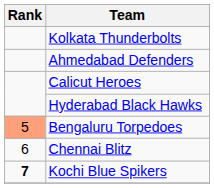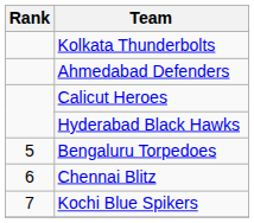 <table class="wikitable" style="white-space: nowrap;">
 <tr>
 <th width=20%>Rank</th>
 <th>Team</th>
 </tr>
 <tr>
 <td style="text-align:center;"></td>
 <td><a href='#'>Kolkata Thunderbolts</a></td>
 </tr>
 <tr>
 <td style="text-align:center;"></td>
 <td><a href='#'>Ahmedabad Defenders</a></td>
 </tr>
 <tr>
 <td rowspan=2 style="text-align:center;"></td>
 <td><a href='#'>Calicut Heroes</a></td>
 </tr>
 <tr>
 <td><a href='#'>Hyderabad Black Hawks</a></td>
 </tr>
 <tr>
-<td style="background: lightsalmon; text-align:center;">5</td>
+<td style="text-align:center;">5</td>
 <td><a href='#'>Bengaluru Torpedoes</a></td>
 </tr>
 <tr>
 <td style="text-align:center;">6</td>
 <td><a href='#'>Chennai Blitz</a></td>
 </tr>
 <tr>
-<td style="text-align:center;"><strong>7</strong></td>
+<td style="text-align:center;">7</td>
 <td><a href='#'>Kochi Blue Spikers</a></td>
 </tr>
 <tr>
 </tr>
 </table>
